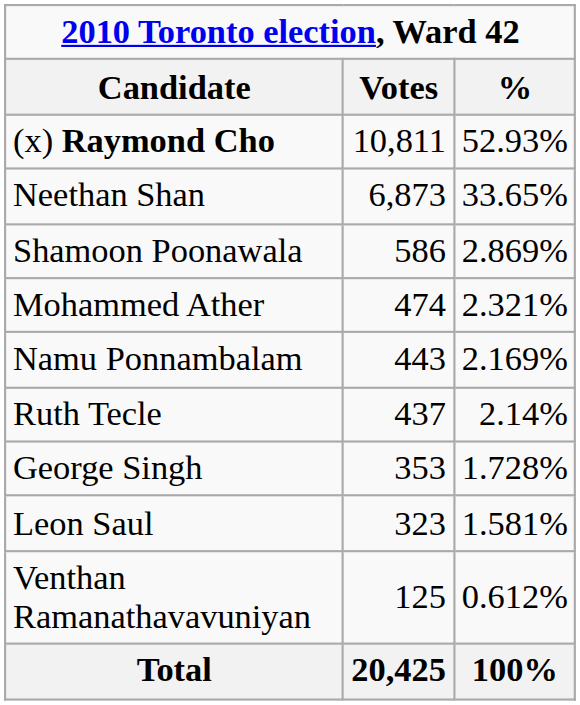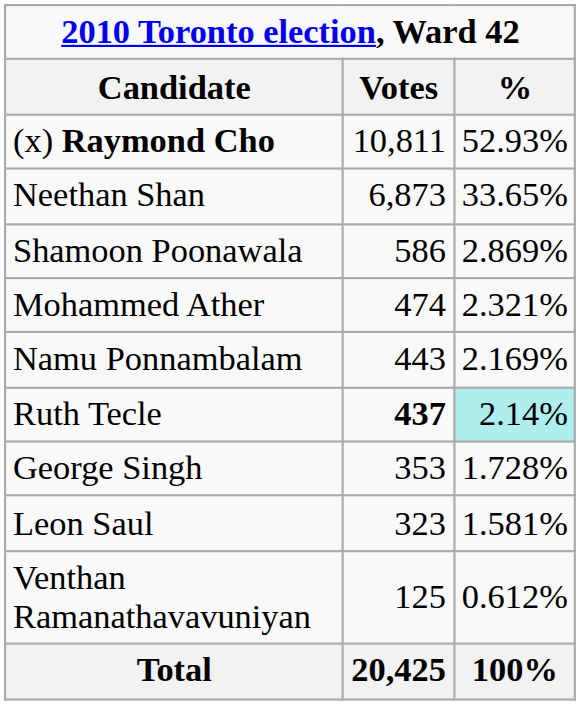 <table class="wikitable">
 <tr>
 <td Colspan="3" align="center"><strong><a href='#'>2010 Toronto election</a>, Ward 42</strong></td>
 </tr>
 <tr>
 <th bgcolor="#DDDDFF" width="150px">Candidate</th>
 <th bgcolor="#DDDDFF">Votes</th>
 <th bgcolor="#DDDDFF">%</th>
 </tr>
 <tr>
 <td>(x) <strong>Raymond Cho</strong></td>
 <td align=right>10,811</td>
 <td align=right>52.93%</td>
 </tr>
 <tr>
 <td>Neethan Shan</td>
 <td align=right>6,873</td>
 <td align=right>33.65%</td>
 </tr>
 <tr>
 <td>Shamoon Poonawala</td>
 <td align=right>586</td>
 <td align=right>2.869%</td>
 </tr>
 <tr>
 <td>Mohammed Ather</td>
 <td align=right>474</td>
 <td align=right>2.321%</td>
 </tr>
 <tr>
 <td>Namu Ponnambalam</td>
 <td align=right>443</td>
 <td align=right>2.169%</td>
 </tr>
 <tr>
 <td>Ruth Tecle</td>
-<td align=right>437</td>
-<td align=right>2.14%</td>
+<td align=right><strong>437</strong></td>
+<td align=right style="background: paleturquoise;">2.14%</td>
 </tr>
 <tr>
 <td>George Singh</td>
 <td align=right>353</td>
 <td align=right>1.728%</td>
 </tr>
 <tr>
 <td>Leon Saul</td>
 <td align=right>323</td>
 <td align=right>1.581%</td>
 </tr>
 <tr>
 <td>Venthan Ramanathavavuniyan</td>
 <td align=right>125</td>
 <td align=right>0.612%</td>
 </tr>
 <tr>
 <th>Total</th>
 <th align=right>20,425</th>
 <th align=right>100%</th>
 </tr>
 </table>
